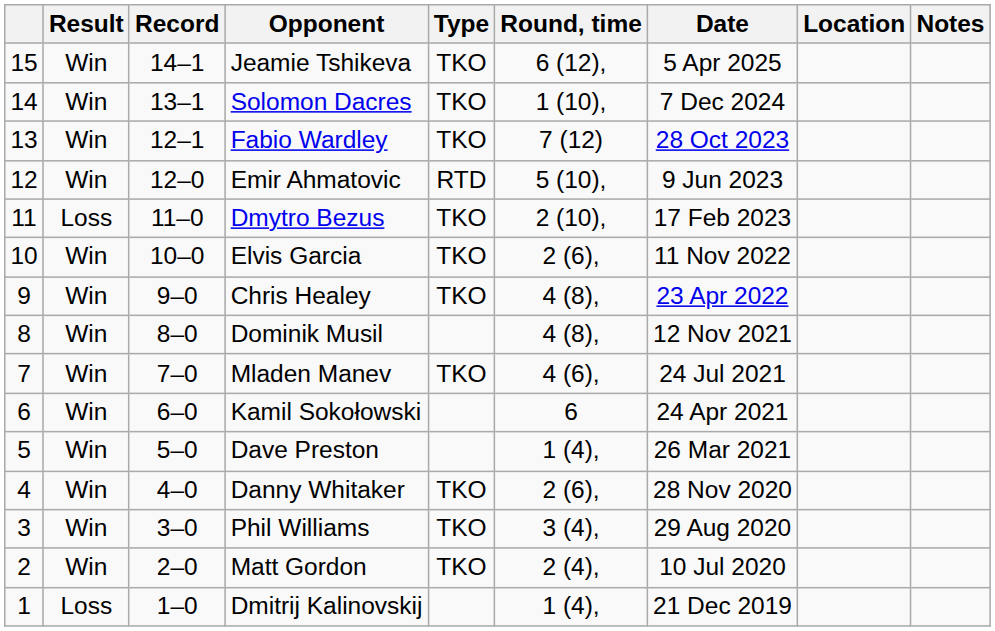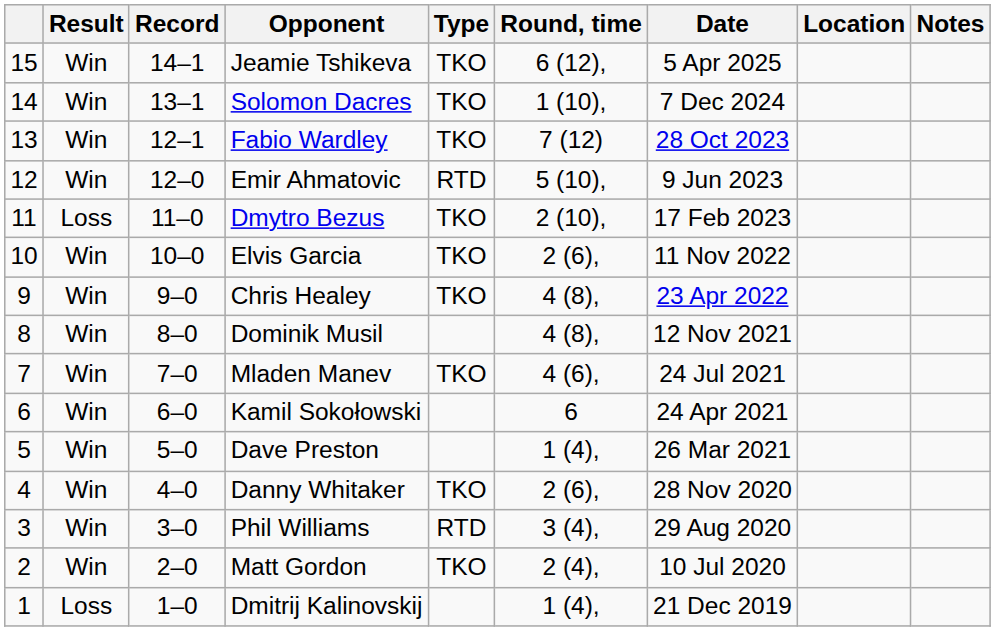 <table class="wikitable" style="text-align:center">
 <tr>
 <th></th>
 <th>Result</th>
 <th>Record</th>
 <th>Opponent</th>
 <th>Type</th>
 <th>Round, time</th>
 <th>Date</th>
 <th>Location</th>
 <th>Notes</th>
 </tr>
 <tr>
 <td>15</td>
 <td>Win</td>
 <td>14–1</td>
 <td style="text-align:left;">Jeamie Tshikeva</td>
 <td>TKO</td>
 <td>6 (12), </td>
 <td>5 Apr 2025</td>
 <td style="text-align:left;"></td>
 <td style="text-align:left;"></td>
 </tr>
 <tr>
 <td>14</td>
 <td>Win</td>
 <td>13–1</td>
 <td style="text-align:left;"><a href='#'>Solomon Dacres</a></td>
 <td>TKO</td>
 <td>1 (10), </td>
 <td>7 Dec 2024</td>
 <td align=left></td>
 <td align=left></td>
 </tr>
 <tr>
 <td>13</td>
 <td>Win</td>
 <td>12–1</td>
 <td align=left><a href='#'>Fabio Wardley</a></td>
 <td>TKO</td>
 <td>7 (12) </td>
 <td><a href='#'>28 Oct 2023</a></td>
 <td align=left></td>
 <td style="text-align:left;"></td>
 </tr>
 <tr>
 <td>12</td>
 <td>Win</td>
 <td>12–0</td>
 <td style="text-align:left;">Emir Ahmatovic</td>
 <td>RTD</td>
 <td>5 (10), </td>
 <td>9 Jun 2023</td>
 <td align=left></td>
 <td style="text-align:left;"></td>
 </tr>
 <tr>
 <td>11</td>
 <td>Loss</td>
 <td>11–0</td>
 <td style="text-align:left;"><a href='#'>Dmytro Bezus</a></td>
 <td>TKO</td>
 <td>2 (10), </td>
 <td>17 Feb 2023</td>
 <td align=left></td>
 <td style="text-align:left;"></td>
 </tr>
 <tr>
 <td>10</td>
 <td>Win</td>
 <td>10–0</td>
 <td style="text-align:left;">Elvis Garcia</td>
 <td>TKO</td>
 <td>2 (6), </td>
 <td>11 Nov 2022</td>
 <td align=left></td>
 <td></td>
 </tr>
 <tr>
 <td>9</td>
 <td>Win</td>
 <td>9–0</td>
 <td style="text-align:left;">Chris Healey</td>
 <td>TKO</td>
 <td>4 (8), </td>
 <td><a href='#'>23 Apr 2022</a></td>
 <td align=left></td>
 <td></td>
 </tr>
 <tr>
 <td>8</td>
 <td>Win</td>
 <td>8–0</td>
 <td style="text-align:left;">Dominik Musil</td>
 <td></td>
 <td>4 (8), </td>
 <td>12 Nov 2021</td>
 <td align=left></td>
 <td></td>
 </tr>
 <tr>
 <td>7</td>
 <td>Win</td>
 <td>7–0</td>
 <td style="text-align:left;">Mladen Manev</td>
 <td>TKO</td>
 <td>4 (6), </td>
 <td>24 Jul 2021</td>
 <td align=left></td>
 <td></td>
 </tr>
 <tr>
 <td>6</td>
 <td>Win</td>
 <td>6–0</td>
 <td style="text-align:left;">Kamil Sokołowski</td>
 <td></td>
 <td>6</td>
 <td>24 Apr 2021</td>
 <td align=left></td>
 <td></td>
 </tr>
 <tr>
 <td>5</td>
 <td>Win</td>
 <td>5–0</td>
 <td style="text-align:left;">Dave Preston</td>
 <td></td>
 <td>1 (4), </td>
 <td>26 Mar 2021</td>
 <td align=left></td>
 <td></td>
 </tr>
 <tr>
 <td>4</td>
 <td>Win</td>
 <td>4–0</td>
 <td style="text-align:left;">Danny Whitaker</td>
 <td>TKO</td>
 <td>2 (6), </td>
 <td>28 Nov 2020</td>
 <td style="text-align:left;"></td>
 <td></td>
 </tr>
 <tr>
 <td>3</td>
 <td>Win</td>
 <td>3–0</td>
 <td style="text-align:left;">Phil Williams</td>
-<td>TKO</td>
+<td>RTD</td>
 <td>3 (4), </td>
 <td>29 Aug 2020</td>
 <td style="text-align:left;"></td>
 <td></td>
 </tr>
 <tr>
 <td>2</td>
 <td>Win</td>
 <td>2–0</td>
 <td style="text-align:left;">Matt Gordon</td>
 <td>TKO</td>
 <td>2 (4), </td>
 <td>10 Jul 2020</td>
 <td style="text-align:left;"></td>
 <td></td>
 </tr>
 <tr>
 <td>1</td>
 <td>Loss</td>
 <td>1–0</td>
 <td style="text-align:left;">Dmitrij Kalinovskij</td>
 <td></td>
 <td>1 (4), </td>
 <td>21 Dec 2019</td>
 <td style="text-align:left;"></td>
 <td></td>
 </tr>
 </table>
